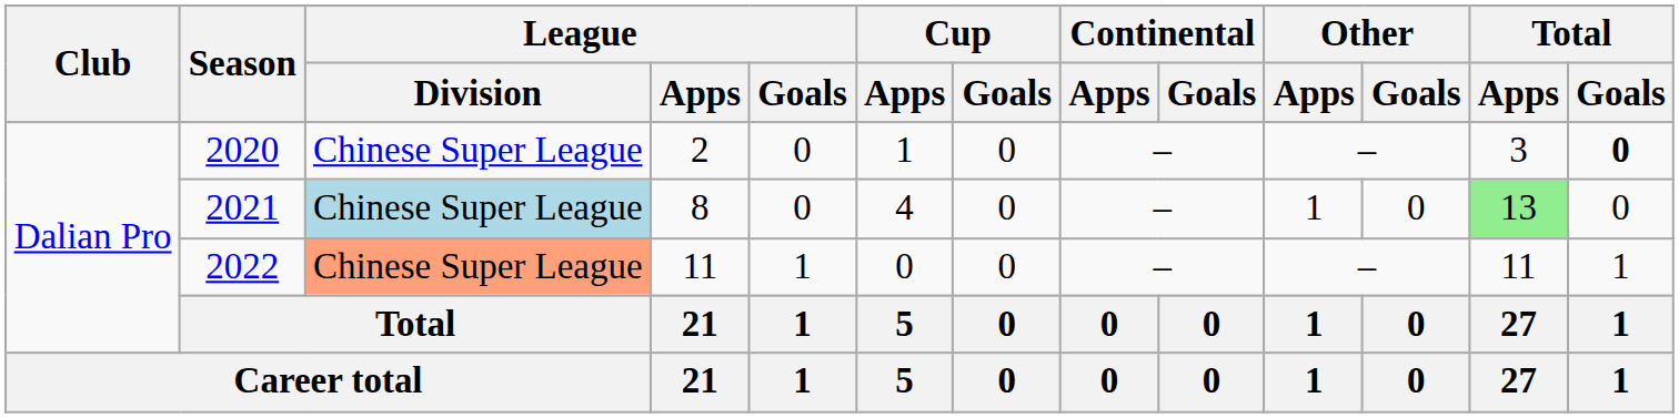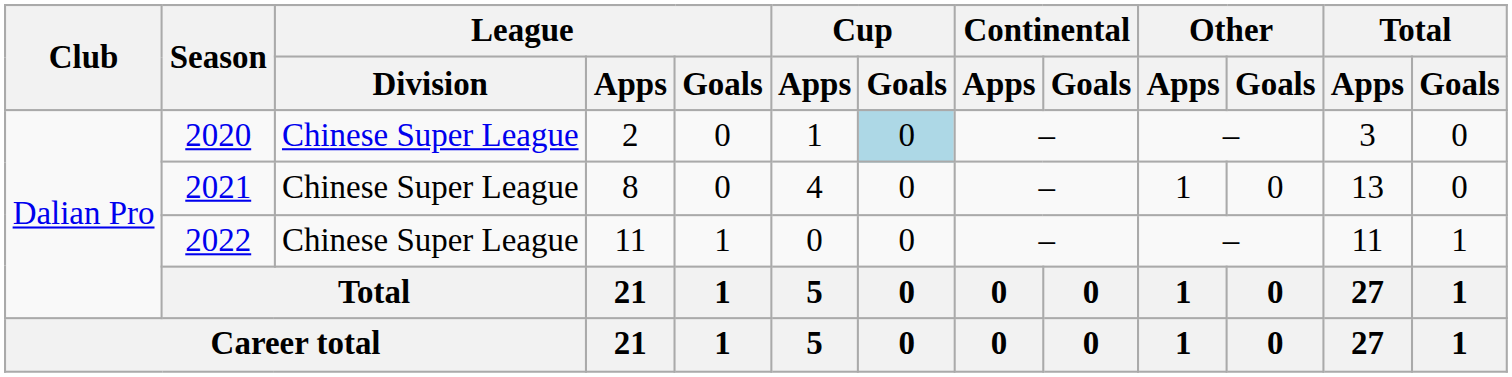 <table class="wikitable" style="text-align: center">
 <tr>
 <th rowspan="2">Club</th>
 <th rowspan="2">Season</th>
 <th colspan="3">League</th>
 <th colspan="2">Cup</th>
 <th colspan="2">Continental</th>
 <th colspan="2">Other</th>
 <th colspan="2">Total</th>
 </tr>
 <tr>
 <th>Division</th>
 <th>Apps</th>
 <th>Goals</th>
 <th>Apps</th>
 <th>Goals</th>
 <th>Apps</th>
 <th>Goals</th>
 <th>Apps</th>
 <th>Goals</th>
 <th>Apps</th>
 <th>Goals</th>
 </tr>
 <tr>
 <td rowspan=4><a href='#'>Dalian Pro</a></td>
 <td><a href='#'>2020</a></td>
 <td><a href='#'>Chinese Super League</a></td>
 <td>2</td>
 <td>0</td>
 <td>1</td>
-<td>0</td>
+<td style="background: lightblue;">0</td>
 <td colspan="2">–</td>
 <td colspan="2">–</td>
 <td>3</td>
-<td><strong>0</strong></td>
+<td>0</td>
 </tr>
 <tr>
 <td><a href='#'>2021</a></td>
-<td style="background: lightblue;">Chinese Super League</td>
+<td>Chinese Super League</td>
 <td>8</td>
 <td>0</td>
 <td>4</td>
 <td>0</td>
 <td colspan="2">–</td>
 <td>1</td>
 <td>0</td>
-<td style="background: lightgreen;">13</td>
+<td>13</td>
 <td>0</td>
 </tr>
 <tr>
 <td><a href='#'>2022</a></td>
-<td style="background: lightsalmon;">Chinese Super League</td>
+<td>Chinese Super League</td>
 <td>11</td>
 <td>1</td>
 <td>0</td>
 <td>0</td>
 <td colspan="2">–</td>
 <td colspan="2">–</td>
 <td>11</td>
 <td>1</td>
 </tr>
 <tr>
 <th colspan="2">Total</th>
 <th>21</th>
 <th>1</th>
 <th>5</th>
 <th>0</th>
 <th>0</th>
 <th>0</th>
 <th>1</th>
 <th>0</th>
 <th>27</th>
 <th>1</th>
 </tr>
 <tr>
 <th colspan=3>Career total</th>
 <th>21</th>
 <th>1</th>
 <th>5</th>
 <th>0</th>
 <th>0</th>
 <th>0</th>
 <th>1</th>
 <th>0</th>
 <th>27</th>
 <th>1</th>
 </tr>
 </table>
